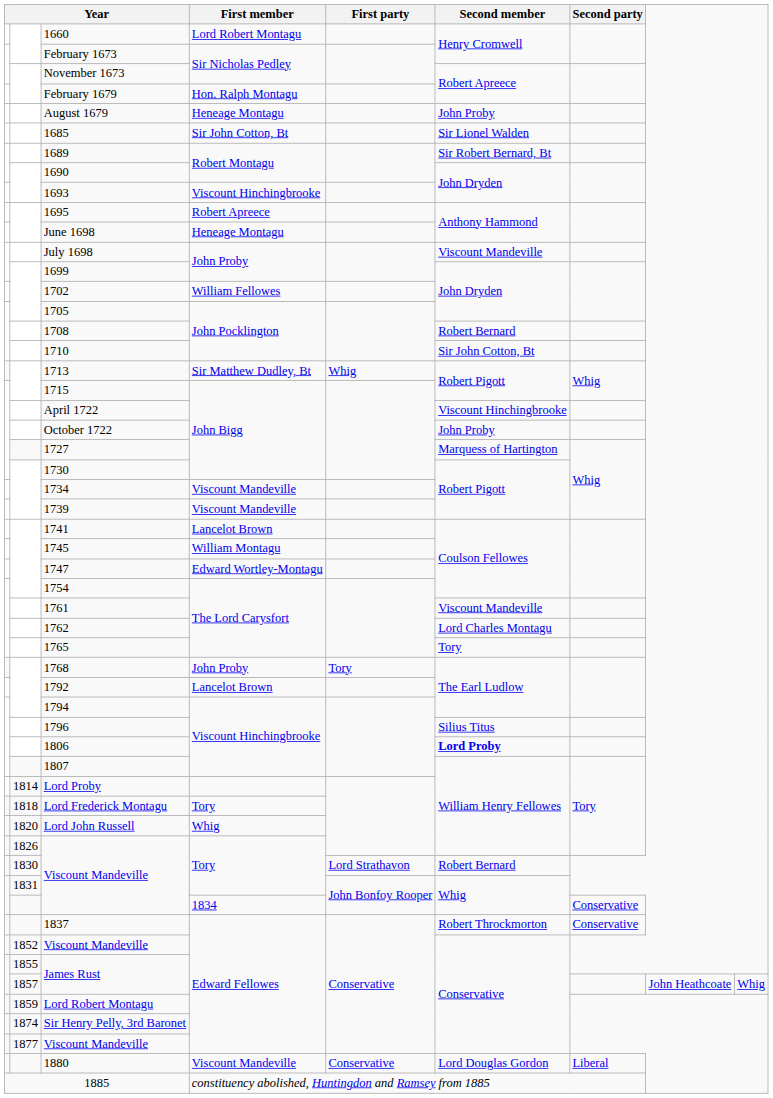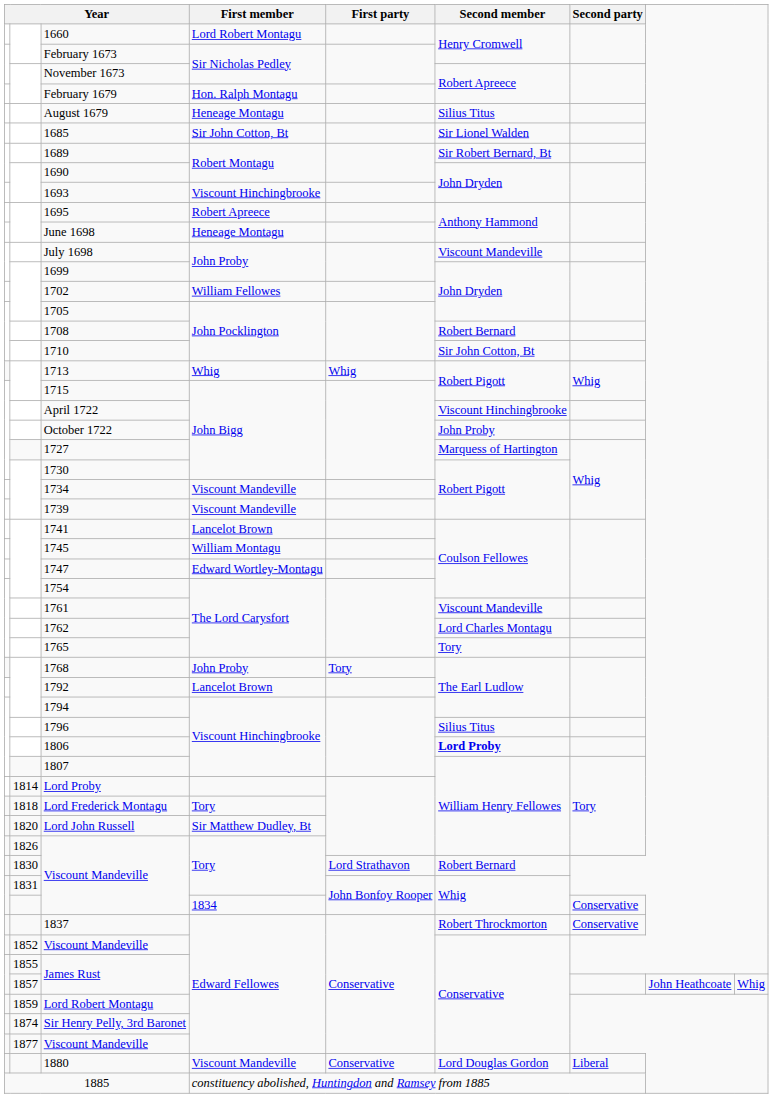 <table class="wikitable">
 <tr>
 <th colspan="3">Year</th>
 <th>First member</th>
 <th>First party</th>
 <th>Second member</th>
 <th>Second party</th>
 </tr>
 <tr>
 <td style="color:inherit;background-color: white"></td>
 <td style="color:inherit;background-color: white" rowspan="2"></td>
 <td>1660</td>
 <td><a href='#'>Lord Robert Montagu</a></td>
 <td></td>
 <td rowspan="2"><a href='#'>Henry Cromwell</a></td>
 <td rowspan="2"></td>
 </tr>
 <tr>
 <td style="color:inherit;background-color: white" rowspan="2"></td>
 <td>February 1673</td>
 <td rowspan="2"><a href='#'>Sir Nicholas Pedley</a></td>
 <td rowspan="2"></td>
 </tr>
 <tr>
 <td style="color:inherit;background-color: white" rowspan="2"></td>
 <td>November 1673</td>
 <td rowspan="2"><a href='#'>Robert Apreece</a></td>
 <td rowspan="2"></td>
 </tr>
 <tr>
 <td style="color:inherit;background-color: white"></td>
 <td>February 1679</td>
 <td><a href='#'>Hon. Ralph Montagu</a></td>
 <td></td>
 </tr>
 <tr>
 <td style="color:inherit;background-color: white"></td>
 <td style="color:inherit;background-color: white"></td>
 <td>August 1679</td>
 <td><a href='#'>Heneage Montagu</a></td>
 <td></td>
-<td><a href='#'>John Proby</a></td>
+<td><a href='#'>Silius Titus</a></td>
 <td></td>
 </tr>
 <tr>
 <td style="color:inherit;background-color: white"></td>
 <td style="color:inherit;background-color: white"></td>
 <td>1685</td>
 <td><a href='#'>Sir John Cotton, Bt</a></td>
 <td></td>
 <td><a href='#'>Sir Lionel Walden</a></td>
 <td></td>
 </tr>
 <tr>
 <td style="color:inherit;background-color: white" rowspan="2"></td>
 <td style="color:inherit;background-color: white"></td>
 <td>1689</td>
 <td rowspan="2"><a href='#'>Robert Montagu</a></td>
 <td rowspan="2"></td>
 <td><a href='#'>Sir Robert Bernard, Bt</a></td>
 <td></td>
 </tr>
 <tr>
 <td style="color:inherit;background-color: white" rowspan="2"></td>
 <td>1690</td>
 <td rowspan="2"><a href='#'>John Dryden</a></td>
 <td rowspan="2"></td>
 </tr>
 <tr>
 <td style="color:inherit;background-color: white"></td>
 <td>1693</td>
 <td><a href='#'>Viscount Hinchingbrooke</a></td>
 <td></td>
 </tr>
 <tr>
 <td style="color:inherit;background-color: white"></td>
 <td style="color:inherit;background-color: white" rowspan="2"></td>
 <td>1695</td>
 <td><a href='#'>Robert Apreece</a></td>
 <td></td>
 <td rowspan="2"><a href='#'>Anthony Hammond</a></td>
 <td rowspan="2"></td>
 </tr>
 <tr>
 <td style="color:inherit;background-color: white"></td>
 <td>June 1698</td>
 <td><a href='#'>Heneage Montagu</a></td>
 <td></td>
 </tr>
 <tr>
 <td style="color:inherit;background-color: white" rowspan="2"></td>
 <td style="color:inherit;background-color: white"></td>
 <td>July 1698</td>
 <td rowspan="2"><a href='#'>John Proby</a></td>
 <td rowspan="2"></td>
 <td><a href='#'>Viscount Mandeville</a></td>
 <td></td>
 </tr>
 <tr>
 <td style="color:inherit;background-color: white" rowspan="3"></td>
 <td>1699</td>
 <td rowspan="3"><a href='#'>John Dryden</a></td>
 <td rowspan="3"></td>
 </tr>
 <tr>
 <td style="color:inherit;background-color: white"></td>
 <td>1702</td>
 <td><a href='#'>William Fellowes</a></td>
 <td></td>
 </tr>
 <tr>
 <td style="color:inherit;background-color: white" rowspan="3"></td>
 <td>1705</td>
 <td rowspan="3"><a href='#'>John Pocklington</a></td>
 <td rowspan="3"></td>
 </tr>
 <tr>
 <td style="color:inherit;background-color: white"></td>
 <td>1708</td>
 <td><a href='#'>Robert Bernard</a></td>
 <td></td>
 </tr>
 <tr>
 <td style="color:inherit;background-color: white"></td>
 <td>1710</td>
 <td><a href='#'>Sir John Cotton, Bt</a></td>
 <td></td>
 </tr>
 <tr>
 <td style="color:inherit;background-color: "></td>
 <td style="color:inherit;background-color: white" rowspan="2"></td>
 <td>1713</td>
-<td><a href='#'>Sir Matthew Dudley, Bt</a></td>
+<td><a href='#'>Whig</a></td>
 <td><a href='#'>Whig</a></td>
 <td rowspan="2"><a href='#'>Robert Pigott</a></td>
 <td rowspan="2"><a href='#'>Whig</a></td>
 </tr>
 <tr>
 <td style="color:inherit;background-color: white" rowspan="5"></td>
 <td>1715</td>
 <td rowspan="5"><a href='#'>John Bigg</a></td>
 <td rowspan="5"></td>
 </tr>
 <tr>
 <td style="color:inherit;background-color: white"></td>
 <td>April 1722</td>
 <td><a href='#'>Viscount Hinchingbrooke</a></td>
 <td></td>
 </tr>
 <tr>
 <td style="color:inherit;background-color: white"></td>
 <td>October 1722</td>
 <td><a href='#'>John Proby</a></td>
 <td></td>
 </tr>
 <tr>
 <td style="color:inherit;background-color: "></td>
 <td>1727</td>
 <td><a href='#'>Marquess of Hartington</a></td>
 <td rowspan="4"><a href='#'>Whig</a></td>
 </tr>
 <tr>
 <td style="color:inherit;background-color: white" rowspan="3"></td>
 <td>1730</td>
 <td rowspan="3"><a href='#'>Robert Pigott</a></td>
 </tr>
 <tr>
 <td style="color:inherit;background-color: white"></td>
 <td>1734</td>
 <td><a href='#'>Viscount Mandeville</a></td>
 <td></td>
 </tr>
 <tr>
 <td style="color:inherit;background-color: white"></td>
 <td>1739</td>
 <td><a href='#'>Viscount Mandeville</a></td>
 <td></td>
 </tr>
 <tr>
 <td style="color:inherit;background-color: white"></td>
 <td style="color:inherit;background-color: white" rowspan="4"></td>
 <td>1741</td>
 <td><a href='#'>Lancelot Brown</a></td>
 <td></td>
 <td rowspan="4"><a href='#'>Coulson Fellowes</a></td>
 <td rowspan="4"></td>
 </tr>
 <tr>
 <td style="color:inherit;background-color: white"></td>
 <td>1745</td>
 <td><a href='#'>William Montagu</a></td>
 <td></td>
 </tr>
 <tr>
 <td style="color:inherit;background-color: white"></td>
 <td>1747</td>
 <td><a href='#'>Edward Wortley-Montagu</a></td>
 <td></td>
 </tr>
 <tr>
 <td style="color:inherit;background-color: white" rowspan="4"></td>
 <td>1754</td>
 <td rowspan="4"><a href='#'>The Lord Carysfort</a></td>
 <td rowspan="4"></td>
 </tr>
 <tr>
 <td style="color:inherit;background-color: white"></td>
 <td>1761</td>
 <td><a href='#'>Viscount Mandeville</a></td>
 <td></td>
 </tr>
 <tr>
 <td style="color:inherit;background-color: white"></td>
 <td>1762</td>
 <td><a href='#'>Lord Charles Montagu</a></td>
 <td></td>
 </tr>
 <tr>
 <td style="color:inherit;background-color: white"></td>
 <td>1765</td>
 <td><a href='#'>Tory</a></td>
 <td></td>
 </tr>
 <tr>
 <td style="color:inherit;background-color: "></td>
 <td style="color:inherit;background-color: white" rowspan="3"></td>
 <td>1768</td>
 <td><a href='#'>John Proby</a></td>
 <td><a href='#'>Tory</a></td>
 <td rowspan="3"><a href='#'>The Earl Ludlow</a></td>
 <td rowspan="3"></td>
 </tr>
 <tr>
 <td style="color:inherit;background-color: white"></td>
 <td>1792</td>
 <td><a href='#'>Lancelot Brown</a></td>
 <td></td>
 </tr>
 <tr>
 <td style="color:inherit;background-color: white" rowspan="4"></td>
 <td>1794</td>
 <td rowspan="4"><a href='#'>Viscount Hinchingbrooke</a></td>
 <td rowspan="4"></td>
 </tr>
 <tr>
 <td style="color:inherit;background-color: white"></td>
 <td>1796</td>
 <td><a href='#'>Silius Titus</a></td>
 <td></td>
 </tr>
 <tr>
 <td style="color:inherit;background-color: white"></td>
 <td>1806</td>
 <td><strong><a href='#'>Lord Proby</a></strong></td>
 <td></td>
 </tr>
 <tr>
 <td style="color:inherit;background-color: "></td>
 <td>1807</td>
 <td rowspan="5"><a href='#'>William Henry Fellowes</a></td>
 <td rowspan="5"><a href='#'>Tory</a></td>
 </tr>
 <tr>
 <td style="color:inherit;background-color: white"></td>
 <td>1814</td>
 <td><a href='#'>Lord Proby</a></td>
 <td></td>
 </tr>
 <tr>
 <td style="color:inherit;background-color: "></td>
 <td>1818</td>
 <td><a href='#'>Lord Frederick Montagu</a></td>
 <td><a href='#'>Tory</a></td>
 </tr>
 <tr>
 <td style="color:inherit;background-color: "></td>
 <td>1820</td>
 <td><a href='#'>Lord John Russell</a></td>
-<td><a href='#'>Whig</a></td>
+<td><a href='#'>Sir Matthew Dudley, Bt</a></td>
 </tr>
 <tr>
 <td style="color:inherit;background-color: "></td>
 <td>1826</td>
 <td rowspan="4"><a href='#'>Viscount Mandeville</a></td>
 <td rowspan="3"><a href='#'>Tory</a></td>
 </tr>
 <tr>
 <td style="color:inherit;background-color: "></td>
 <td>1830</td>
 <td><a href='#'>Lord Strathavon</a></td>
 <td><a href='#'>Robert Bernard</a></td>
 </tr>
 <tr>
 <td rowspan="2" style="color:inherit;background-color: "></td>
 <td>1831</td>
 <td rowspan="2"><a href='#'>John Bonfoy Rooper</a></td>
 <td rowspan="2"><a href='#'>Whig</a></td>
 </tr>
 <tr>
 <td style="color:inherit;background-color: "></td>
 <td><a href='#'>1834</a></td>
 <td><a href='#'>Conservative</a></td>
 </tr>
 <tr>
 <td style="color:inherit;background-color: "></td>
 <td style="color:inherit;background-color: "></td>
 <td>1837</td>
 <td rowspan="7"><a href='#'>Edward Fellowes</a></td>
 <td rowspan="7"><a href='#'>Conservative</a></td>
 <td><a href='#'>Robert Throckmorton</a></td>
 <td><a href='#'>Conservative</a></td>
 </tr>
 <tr>
 <td style="color:inherit;background-color: "></td>
 <td>1852</td>
 <td><a href='#'>Viscount Mandeville</a></td>
 <td rowspan="6"><a href='#'>Conservative</a></td>
 </tr>
 <tr>
 <td rowspan="2" style="color:inherit;background-color: "></td>
 <td>1855</td>
 <td rowspan="2"><a href='#'>James Rust</a></td>
 </tr>
 <tr>
 <td>1857</td>
 <td style="color:inherit;background-color: "></td>
 <td><a href='#'>John Heathcoate</a></td>
 <td><a href='#'>Whig</a></td>
 </tr>
 <tr>
 <td style="color:inherit;background-color: "></td>
 <td>1859</td>
 <td><a href='#'>Lord Robert Montagu</a></td>
 </tr>
 <tr>
 <td style="color:inherit;background-color: "></td>
 <td>1874</td>
 <td><a href='#'>Sir Henry Pelly, 3rd Baronet</a></td>
 </tr>
 <tr>
 <td style="color:inherit;background-color: "></td>
 <td>1877</td>
 <td><a href='#'>Viscount Mandeville</a></td>
 </tr>
 <tr>
 <td style="color:inherit;background-color: "></td>
 <td style="color:inherit;background-color: "></td>
 <td>1880</td>
 <td><a href='#'>Viscount Mandeville</a></td>
 <td><a href='#'>Conservative</a></td>
 <td><a href='#'>Lord Douglas Gordon</a></td>
 <td><a href='#'>Liberal</a></td>
 </tr>
 <tr>
 <td colspan="3" align="center">1885</td>
 <td colspan="4"><em>constituency abolished, <a href='#'>Huntingdon</a> and <a href='#'>Ramsey</a> from 1885</em></td>
 </tr>
 </table>
